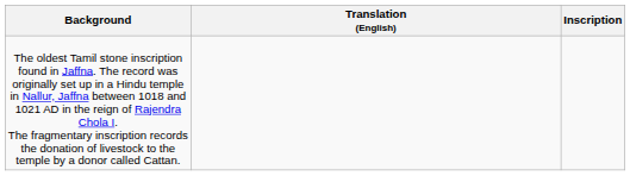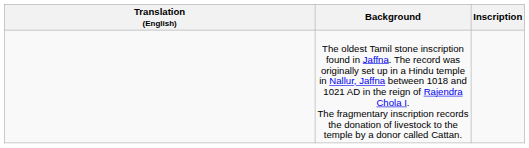 <table class="wikitable centre">
 <tr>
+<th>Translation<br><small>(English)</small></th>
 <th scope="col" align=left>Background<br></th>
-<th>Translation<br><small>(English)</small></th>
 <th>Inscription<br></th>
 </tr>
 <tr>
+<td align=left><br></td>
 <td align=center width="30%"><br>The oldest Tamil stone inscription found in <a href='#'>Jaffna</a>. The record was originally set up in a Hindu temple in <a href='#'>Nallur, Jaffna</a> between 1018 and 1021 AD in the reign of <a href='#'>Rajendra Chola I</a>.<br>The fragmentary inscription records the donation of livestock to the temple by a donor called Cattan.</td>
-<td align=left><br></td>
 <td align=center width="10%"></td>
 </tr>
 </table>
